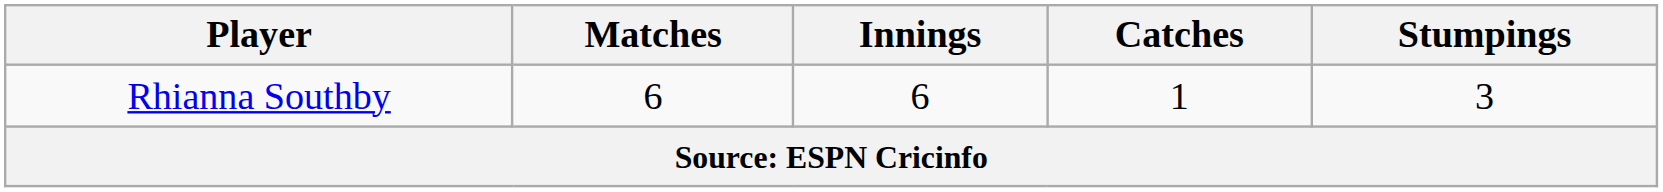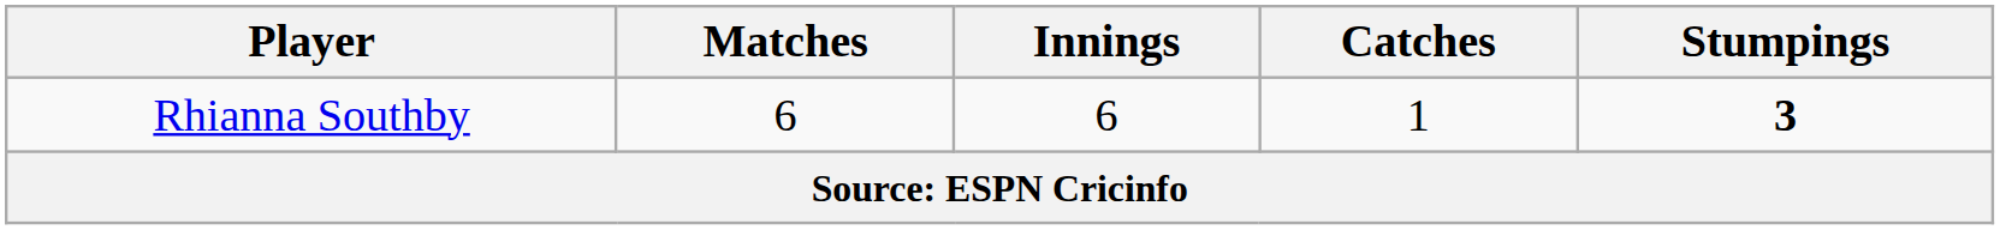 <table class="wikitable" style="text-align:center; width:55%;">
 <tr>
 <th>Player</th>
 <th>Matches</th>
 <th>Innings</th>
 <th>Catches</th>
 <th>Stumpings</th>
 </tr>
 <tr>
 <td><a href='#'>Rhianna Southby</a></td>
 <td>6</td>
 <td>6</td>
 <td>1</td>
-<td>3</td>
+<td><strong>3</strong></td>
 </tr>
 <tr>
 <th colspan="5"><small>Source: ESPN Cricinfo </small></th>
 </tr>
 </table>
